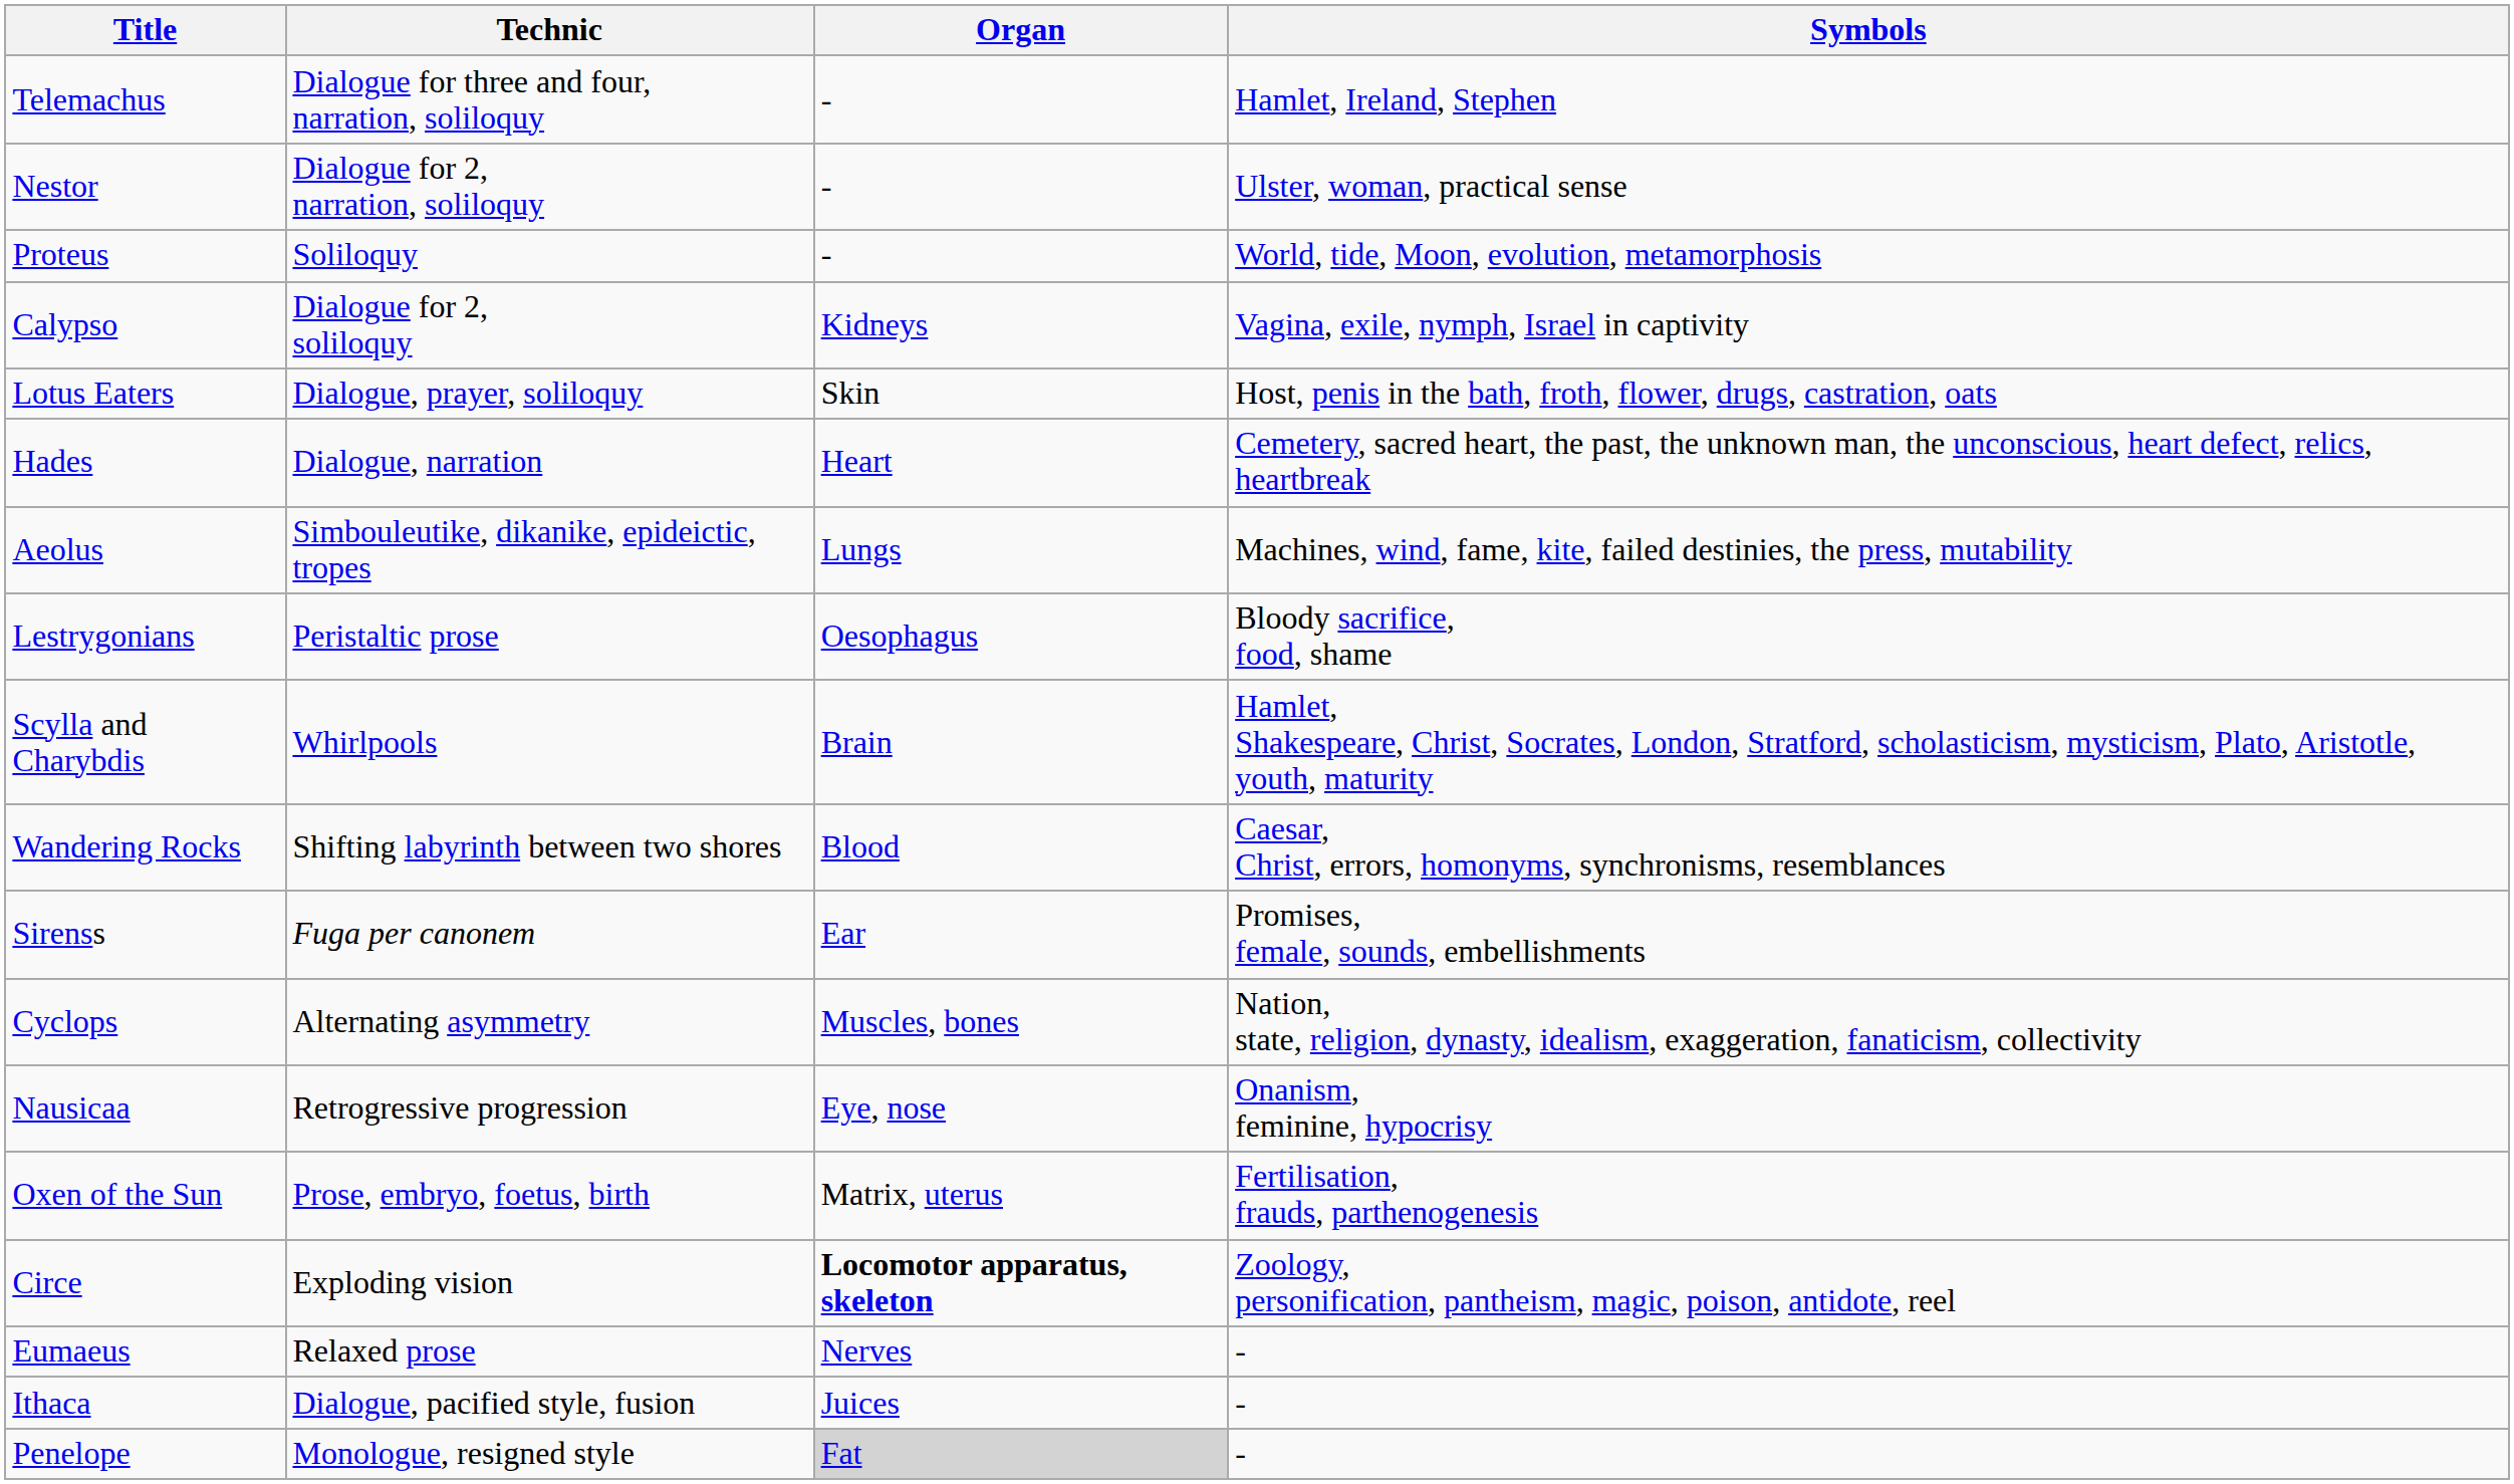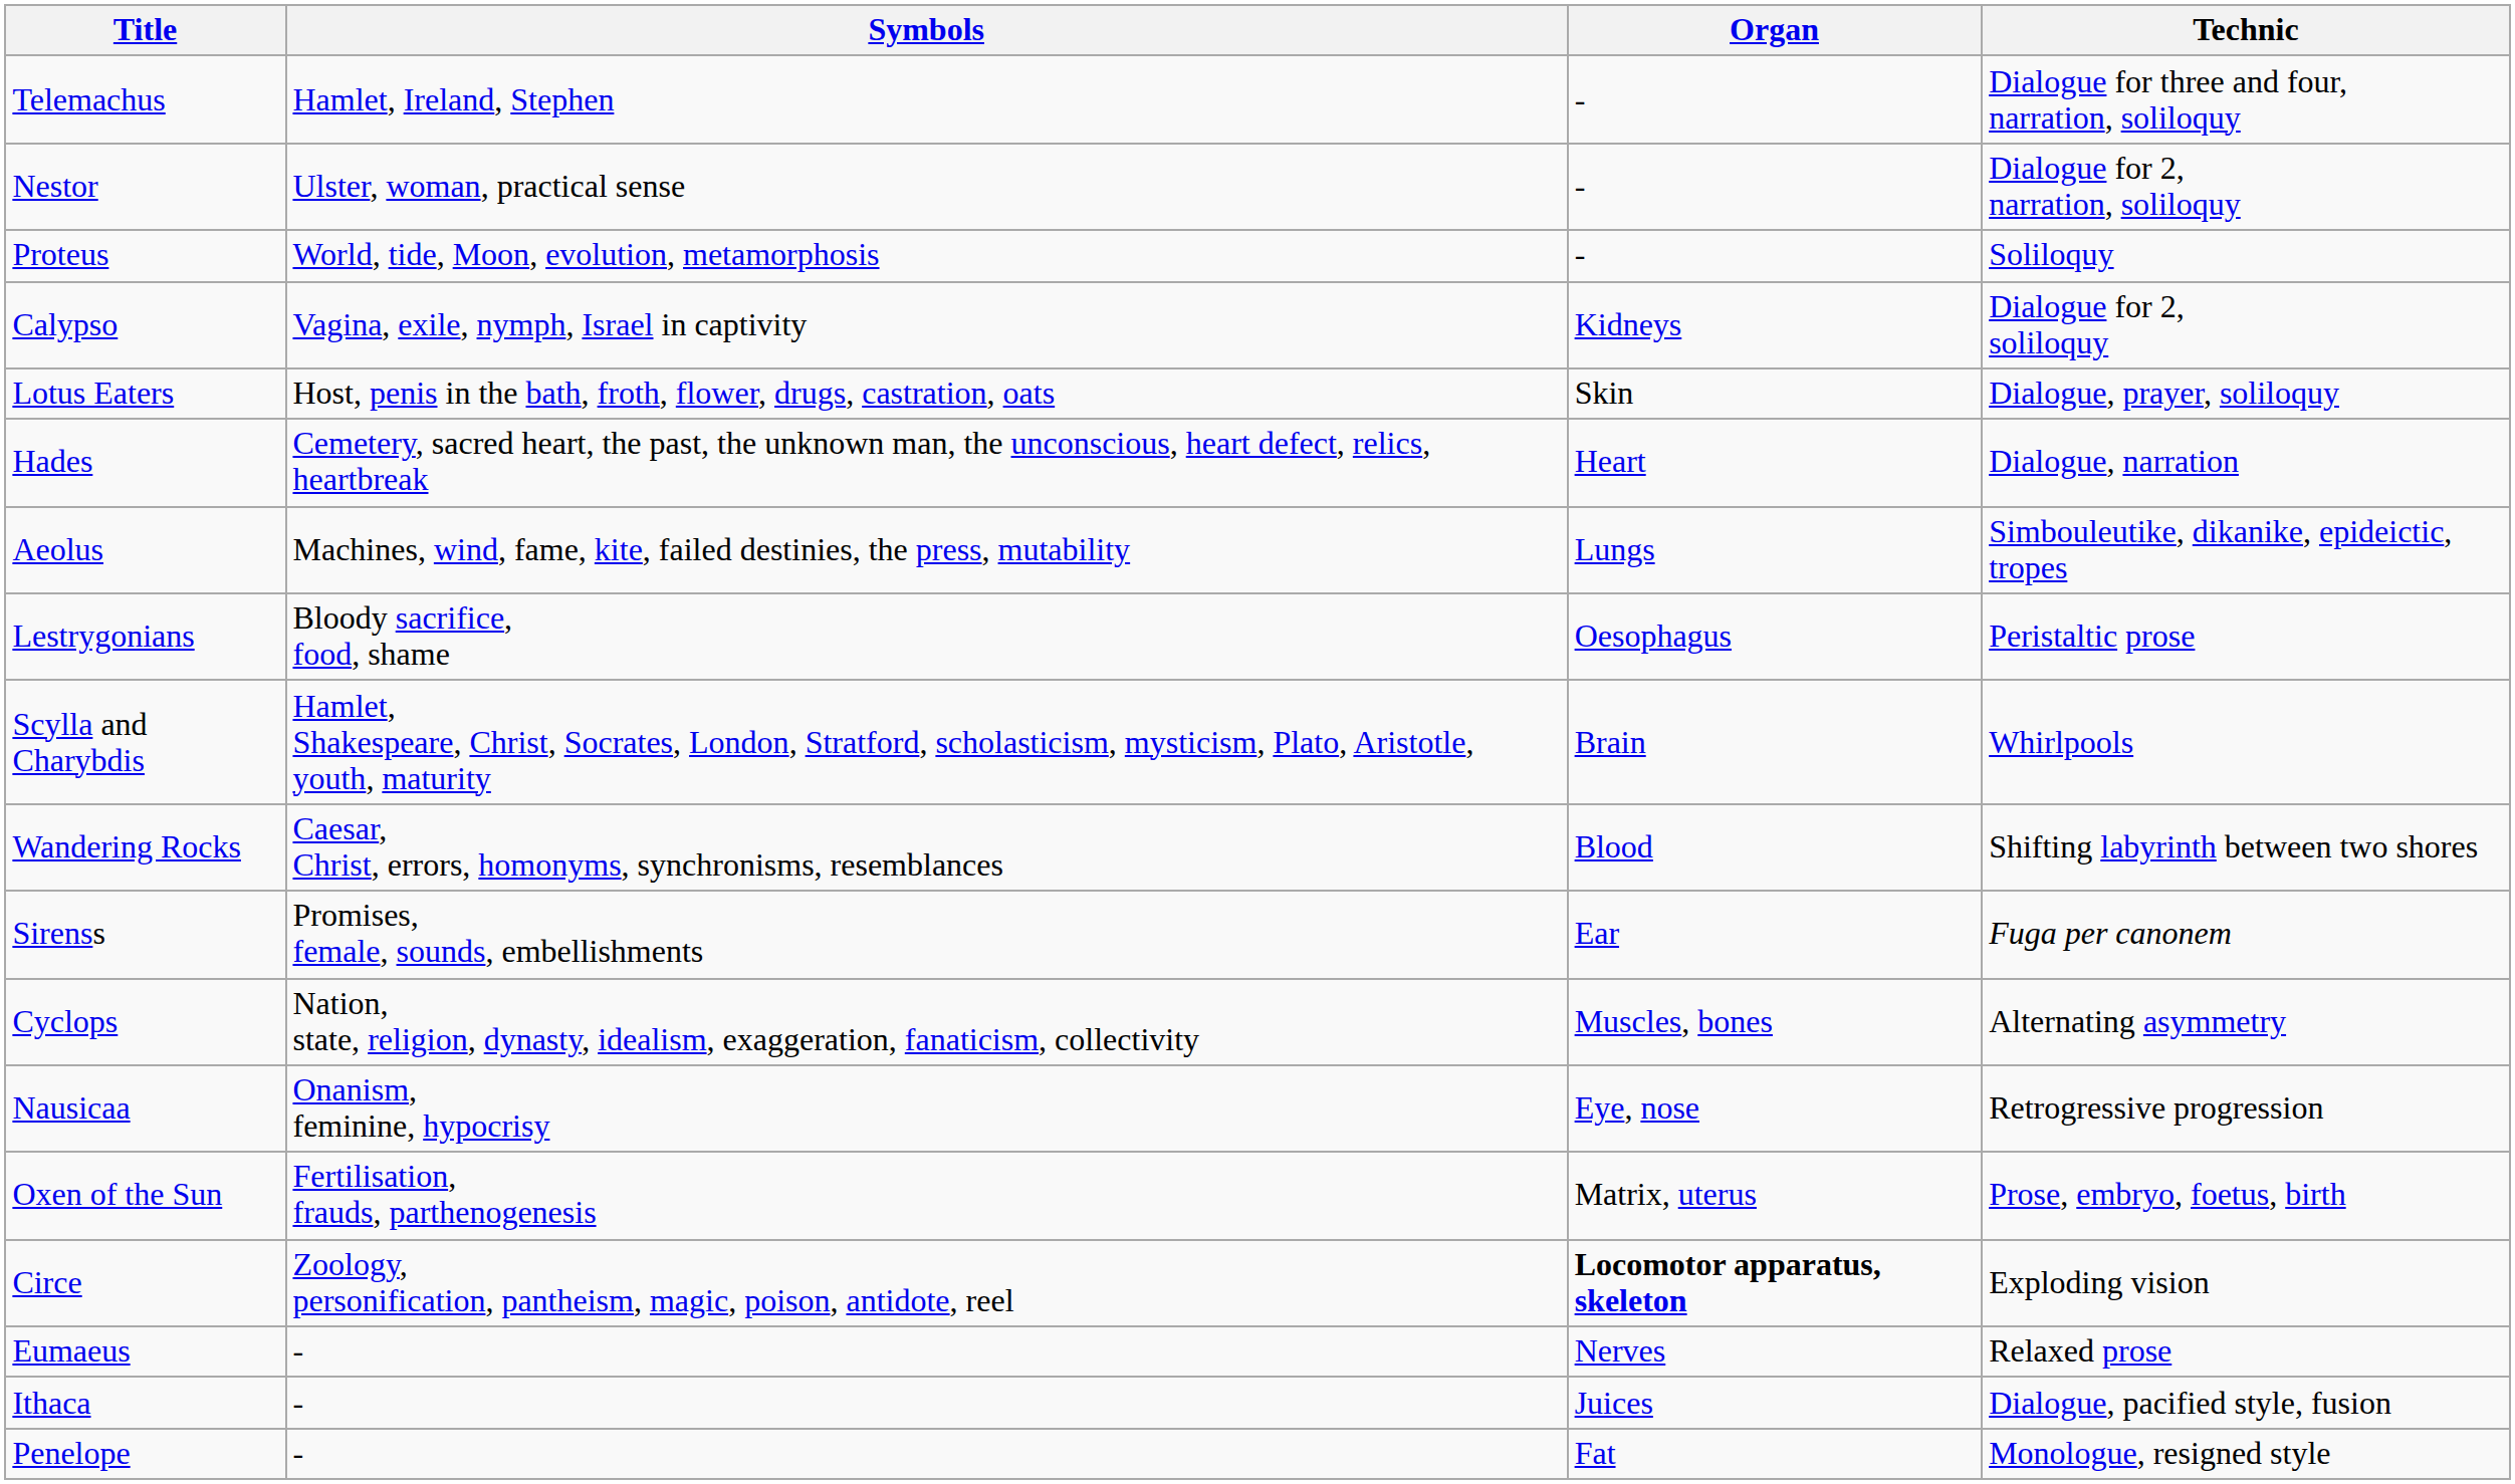 <table class="wikitable">
 <tr>
 <th><a href='#'>Title</a></th>
+<th><a href='#'>Symbols</a></th>
+<th><a href='#'>Organ</a></th>
 <th>Technic</th>
-<th><a href='#'>Organ</a></th>
-<th><a href='#'>Symbols</a></th>
 </tr>
 <tr>
 <td><a href='#'>Telemachus</a></td>
+<td><a href='#'>Hamlet</a>, <a href='#'>Ireland</a>, <a href='#'>Stephen</a></td>
+<td>-</td>
 <td><a href='#'>Dialogue</a> for three and four,<br><a href='#'>narration</a>, <a href='#'>soliloquy</a></td>
-<td>-</td>
-<td><a href='#'>Hamlet</a>, <a href='#'>Ireland</a>, <a href='#'>Stephen</a></td>
 </tr>
 <tr>
 <td><a href='#'>Nestor</a></td>
+<td><a href='#'>Ulster</a>, <a href='#'>woman</a>, practical sense</td>
+<td>-</td>
 <td><a href='#'>Dialogue</a> for 2,<br><a href='#'>narration</a>, <a href='#'>soliloquy</a></td>
-<td>-</td>
-<td><a href='#'>Ulster</a>, <a href='#'>woman</a>, practical sense</td>
 </tr>
 <tr>
 <td><a href='#'>Proteus</a></td>
+<td><a href='#'>World</a>, <a href='#'>tide</a>, <a href='#'>Moon</a>, <a href='#'>evolution</a>, <a href='#'>metamorphosis</a></td>
+<td>-</td>
 <td><a href='#'>Soliloquy</a></td>
-<td>-</td>
-<td><a href='#'>World</a>, <a href='#'>tide</a>, <a href='#'>Moon</a>, <a href='#'>evolution</a>, <a href='#'>metamorphosis</a></td>
 </tr>
 <tr>
 <td><a href='#'>Calypso</a></td>
+<td><a href='#'>Vagina</a>, <a href='#'>exile</a>, <a href='#'>nymph</a>, <a href='#'>Israel</a> in captivity</td>
+<td><a href='#'>Kidneys</a></td>
 <td><a href='#'>Dialogue</a> for 2,<br><a href='#'>soliloquy</a></td>
-<td><a href='#'>Kidneys</a></td>
-<td><a href='#'>Vagina</a>, <a href='#'>exile</a>, <a href='#'>nymph</a>, <a href='#'>Israel</a> in captivity</td>
 </tr>
 <tr>
 <td><a href='#'>Lotus Eaters</a></td>
+<td>Host, <a href='#'>penis</a> in the <a href='#'>bath</a>, <a href='#'>froth</a>, <a href='#'>flower</a>, <a href='#'>drugs</a>, <a href='#'>castration</a>, <a href='#'>oats</a></td>
+<td>Skin</td>
 <td><a href='#'>Dialogue</a>, <a href='#'>prayer</a>, <a href='#'>soliloquy</a></td>
-<td>Skin</td>
-<td>Host, <a href='#'>penis</a> in the <a href='#'>bath</a>, <a href='#'>froth</a>, <a href='#'>flower</a>, <a href='#'>drugs</a>, <a href='#'>castration</a>, <a href='#'>oats</a></td>
 </tr>
 <tr>
 <td><a href='#'>Hades</a></td>
+<td><a href='#'>Cemetery</a>, sacred heart, the past, the unknown man, the <a href='#'>unconscious</a>, <a href='#'>heart defect</a>, <a href='#'>relics</a>, <a href='#'>heartbreak</a></td>
+<td><a href='#'>Heart</a></td>
 <td><a href='#'>Dialogue</a>, <a href='#'>narration</a></td>
-<td><a href='#'>Heart</a></td>
-<td><a href='#'>Cemetery</a>, sacred heart, the past, the unknown man, the <a href='#'>unconscious</a>, <a href='#'>heart defect</a>, <a href='#'>relics</a>, <a href='#'>heartbreak</a></td>
 </tr>
 <tr>
 <td><a href='#'>Aeolus</a></td>
+<td>Machines, <a href='#'>wind</a>, fame, <a href='#'>kite</a>, failed destinies, the <a href='#'>press</a>, <a href='#'>mutability</a></td>
+<td><a href='#'>Lungs</a></td>
 <td><a href='#'>Simbouleutike</a>, <a href='#'>dikanike</a>, <a href='#'>epideictic</a>, <a href='#'>tropes</a></td>
-<td><a href='#'>Lungs</a></td>
-<td>Machines, <a href='#'>wind</a>, fame, <a href='#'>kite</a>, failed destinies, the <a href='#'>press</a>, <a href='#'>mutability</a></td>
 </tr>
 <tr>
 <td><a href='#'>Lestrygonians</a></td>
+<td>Bloody <a href='#'>sacrifice</a>,<br><a href='#'>food</a>, shame</td>
+<td><a href='#'>Oesophagus</a></td>
 <td><a href='#'>Peristaltic</a> <a href='#'>prose</a></td>
-<td><a href='#'>Oesophagus</a></td>
-<td>Bloody <a href='#'>sacrifice</a>,<br><a href='#'>food</a>, shame</td>
 </tr>
 <tr>
 <td><a href='#'>Scylla</a> and <a href='#'>Charybdis</a></td>
+<td><a href='#'>Hamlet</a>,<br><a href='#'>Shakespeare</a>, <a href='#'>Christ</a>, <a href='#'>Socrates</a>, <a href='#'>London</a>, <a href='#'>Stratford</a>, <a href='#'>scholasticism</a>, <a href='#'>mysticism</a>, <a href='#'>Plato</a>, <a href='#'>Aristotle</a>, <a href='#'>youth</a>, <a href='#'>maturity</a></td>
+<td><a href='#'>Brain</a></td>
 <td><a href='#'>Whirlpools</a></td>
-<td><a href='#'>Brain</a></td>
-<td><a href='#'>Hamlet</a>,<br><a href='#'>Shakespeare</a>, <a href='#'>Christ</a>, <a href='#'>Socrates</a>, <a href='#'>London</a>, <a href='#'>Stratford</a>, <a href='#'>scholasticism</a>, <a href='#'>mysticism</a>, <a href='#'>Plato</a>, <a href='#'>Aristotle</a>, <a href='#'>youth</a>, <a href='#'>maturity</a></td>
 </tr>
 <tr>
 <td><a href='#'>Wandering Rocks</a></td>
+<td><a href='#'>Caesar</a>,<br><a href='#'>Christ</a>, errors, <a href='#'>homonyms</a>, synchronisms, resemblances</td>
+<td><a href='#'>Blood</a></td>
 <td>Shifting <a href='#'>labyrinth</a> between two shores</td>
-<td><a href='#'>Blood</a></td>
-<td><a href='#'>Caesar</a>,<br><a href='#'>Christ</a>, errors, <a href='#'>homonyms</a>, synchronisms, resemblances</td>
 </tr>
 <tr>
 <td><a href='#'>Sirens</a>s</td>
+<td>Promises,<br><a href='#'>female</a>, <a href='#'>sounds</a>, embellishments</td>
+<td><a href='#'>Ear</a></td>
 <td><em>Fuga per canonem</em></td>
-<td><a href='#'>Ear</a></td>
-<td>Promises,<br><a href='#'>female</a>, <a href='#'>sounds</a>, embellishments</td>
 </tr>
 <tr>
 <td><a href='#'>Cyclops</a></td>
+<td>Nation,<br>state, <a href='#'>religion</a>, <a href='#'>dynasty</a>, <a href='#'>idealism</a>, exaggeration, <a href='#'>fanaticism</a>, collectivity</td>
+<td><a href='#'>Muscles</a>, <a href='#'>bones</a></td>
 <td>Alternating <a href='#'>asymmetry</a></td>
-<td><a href='#'>Muscles</a>, <a href='#'>bones</a></td>
-<td>Nation,<br>state, <a href='#'>religion</a>, <a href='#'>dynasty</a>, <a href='#'>idealism</a>, exaggeration, <a href='#'>fanaticism</a>, collectivity</td>
 </tr>
 <tr>
 <td><a href='#'>Nausicaa</a></td>
+<td><a href='#'>Onanism</a>,<br>feminine, <a href='#'>hypocrisy</a></td>
+<td><a href='#'>Eye</a>, <a href='#'>nose</a></td>
 <td>Retrogressive progression</td>
-<td><a href='#'>Eye</a>, <a href='#'>nose</a></td>
-<td><a href='#'>Onanism</a>,<br>feminine, <a href='#'>hypocrisy</a></td>
 </tr>
 <tr>
 <td><a href='#'>Oxen of the Sun</a></td>
+<td><a href='#'>Fertilisation</a>,<br><a href='#'>frauds</a>, <a href='#'>parthenogenesis</a></td>
+<td>Matrix, <a href='#'>uterus</a></td>
 <td><a href='#'>Prose</a>, <a href='#'>embryo</a>, <a href='#'>foetus</a>, <a href='#'>birth</a></td>
-<td>Matrix, <a href='#'>uterus</a></td>
-<td><a href='#'>Fertilisation</a>,<br><a href='#'>frauds</a>, <a href='#'>parthenogenesis</a></td>
 </tr>
 <tr>
 <td><a href='#'>Circe</a></td>
+<td><a href='#'>Zoology</a>,<br><a href='#'>personification</a>, <a href='#'>pantheism</a>, <a href='#'>magic</a>, <a href='#'>poison</a>, <a href='#'>antidote</a>, reel</td>
+<td><strong>Locomotor apparatus, <a href='#'>skeleton</a></strong></td>
 <td>Exploding vision</td>
-<td><strong>Locomotor apparatus, <a href='#'>skeleton</a></strong></td>
-<td><a href='#'>Zoology</a>,<br><a href='#'>personification</a>, <a href='#'>pantheism</a>, <a href='#'>magic</a>, <a href='#'>poison</a>, <a href='#'>antidote</a>, reel</td>
 </tr>
 <tr>
 <td><a href='#'>Eumaeus</a></td>
+<td>-</td>
+<td><a href='#'>Nerves</a></td>
 <td>Relaxed <a href='#'>prose</a></td>
-<td><a href='#'>Nerves</a></td>
-<td>-</td>
 </tr>
 <tr>
 <td><a href='#'>Ithaca</a></td>
+<td>-</td>
+<td><a href='#'>Juices</a></td>
 <td><a href='#'>Dialogue</a>, pacified style, fusion</td>
-<td><a href='#'>Juices</a></td>
-<td>-</td>
 </tr>
 <tr>
 <td><a href='#'>Penelope</a></td>
+<td>-</td>
+<td><a href='#'>Fat</a></td>
 <td><a href='#'>Monologue</a>, resigned style</td>
-<td style="background: lightgrey;"><a href='#'>Fat</a></td>
-<td>-</td>
 </tr>
 </table>
